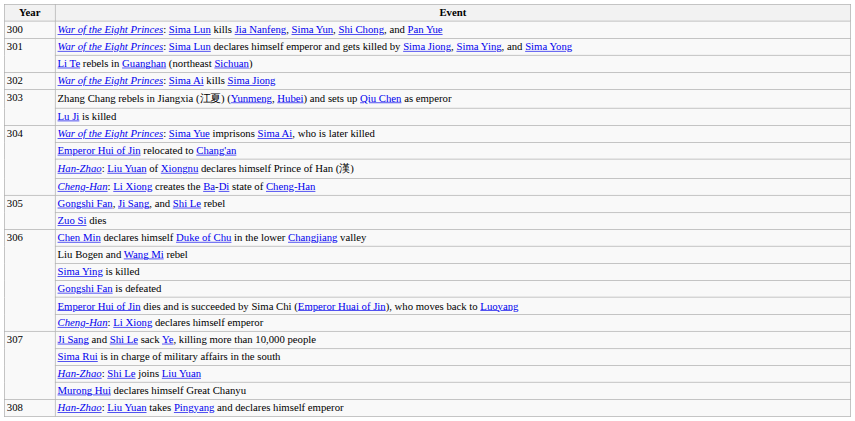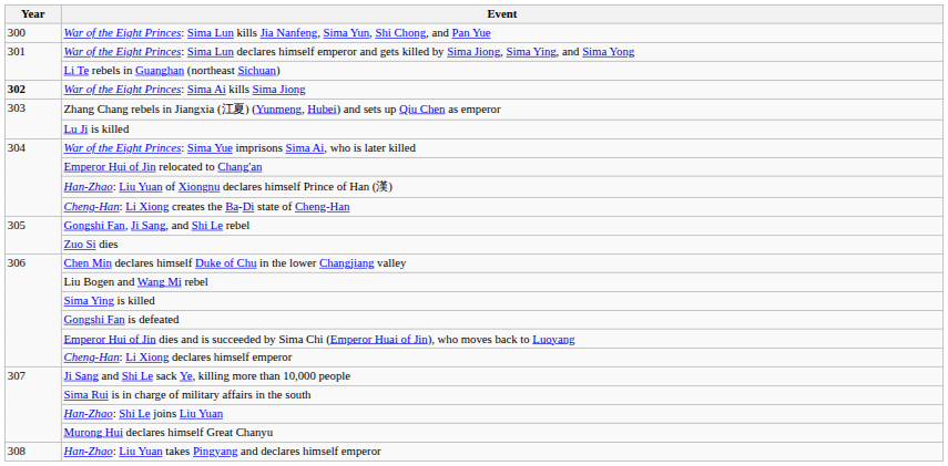 <table class="wikitable" style="width:100%;">
 <tr>
 <th style="width:6%">Year</th>
 <th>Event</th>
 </tr>
 <tr>
 <td>300</td>
 <td><em><a href='#'>War of the Eight Princes</a></em>: <a href='#'>Sima Lun</a> kills <a href='#'>Jia Nanfeng</a>, <a href='#'>Sima Yun</a>, <a href='#'>Shi Chong</a>, and <a href='#'>Pan Yue</a></td>
 </tr>
 <tr>
 <td rowspan="2" style="vertical-align:top;">301</td>
 <td><em><a href='#'>War of the Eight Princes</a></em>: <a href='#'>Sima Lun</a> declares himself emperor and gets killed by <a href='#'>Sima Jiong</a>, <a href='#'>Sima Ying</a>, and <a href='#'>Sima Yong</a></td>
 </tr>
 <tr>
 <td><a href='#'>Li Te</a> rebels in <a href='#'>Guanghan</a> (northeast <a href='#'>Sichuan</a>)</td>
 </tr>
 <tr>
-<td>302</td>
+<td><strong>302</strong></td>
 <td><em><a href='#'>War of the Eight Princes</a></em>: <a href='#'>Sima Ai</a> kills <a href='#'>Sima Jiong</a></td>
 </tr>
 <tr>
 <td rowspan="2" style="vertical-align:top;">303</td>
 <td>Zhang Chang rebels in Jiangxia (江夏) (<a href='#'>Yunmeng</a>, <a href='#'>Hubei</a>) and sets up <a href='#'>Qiu Chen</a> as emperor</td>
 </tr>
 <tr>
 <td><a href='#'>Lu Ji</a> is killed</td>
 </tr>
 <tr>
 <td rowspan="4" style="vertical-align:top;">304</td>
 <td><em><a href='#'>War of the Eight Princes</a></em>: <a href='#'>Sima Yue</a> imprisons <a href='#'>Sima Ai</a>, who is later killed</td>
 </tr>
 <tr>
 <td><a href='#'>Emperor Hui of Jin</a> relocated to <a href='#'>Chang'an</a></td>
 </tr>
 <tr>
 <td><em><a href='#'>Han-Zhao</a></em>: <a href='#'>Liu Yuan</a> of <a href='#'>Xiongnu</a> declares himself Prince of Han (漢)</td>
 </tr>
 <tr>
 <td><em><a href='#'>Cheng-Han</a></em>: <a href='#'>Li Xiong</a> creates the <a href='#'>Ba</a>-<a href='#'>Di</a> state of <a href='#'>Cheng-Han</a></td>
 </tr>
 <tr>
 <td rowspan="2" style="vertical-align:top;">305</td>
 <td><a href='#'>Gongshi Fan</a>, <a href='#'>Ji Sang</a>, and <a href='#'>Shi Le</a> rebel</td>
 </tr>
 <tr>
 <td><a href='#'>Zuo Si</a> dies</td>
 </tr>
 <tr>
 <td rowspan="6" style="vertical-align:top;">306</td>
 <td><a href='#'>Chen Min</a> declares himself <a href='#'>Duke of Chu</a> in the lower <a href='#'>Changjiang</a> valley</td>
 </tr>
 <tr>
 <td>Liu Bogen and <a href='#'>Wang Mi</a> rebel</td>
 </tr>
 <tr>
 <td><a href='#'>Sima Ying</a> is killed</td>
 </tr>
 <tr>
 <td><a href='#'>Gongshi Fan</a> is defeated</td>
 </tr>
 <tr>
 <td><a href='#'>Emperor Hui of Jin</a> dies and is succeeded by Sima Chi (<a href='#'>Emperor Huai of Jin</a>), who moves back to <a href='#'>Luoyang</a></td>
 </tr>
 <tr>
 <td><em><a href='#'>Cheng-Han</a></em>: <a href='#'>Li Xiong</a> declares himself emperor</td>
 </tr>
 <tr>
 <td rowspan="4" style="vertical-align:top;">307</td>
 <td><a href='#'>Ji Sang</a> and <a href='#'>Shi Le</a> sack <a href='#'>Ye</a>, killing more than 10,000 people</td>
 </tr>
 <tr>
 <td><a href='#'>Sima Rui</a> is in charge of military affairs in the south</td>
 </tr>
 <tr>
 <td><em><a href='#'>Han-Zhao</a></em>: <a href='#'>Shi Le</a> joins <a href='#'>Liu Yuan</a></td>
 </tr>
 <tr>
 <td><a href='#'>Murong Hui</a> declares himself Great Chanyu</td>
 </tr>
 <tr>
 <td>308</td>
 <td><em><a href='#'>Han-Zhao</a></em>: <a href='#'>Liu Yuan</a> takes <a href='#'>Pingyang</a> and declares himself emperor</td>
 </tr>
 </table>
